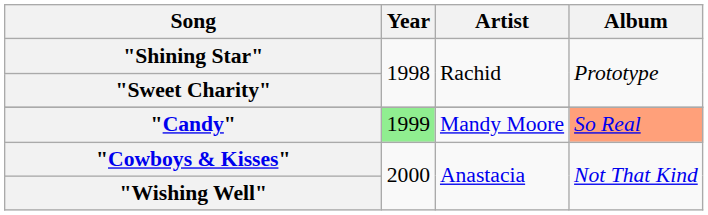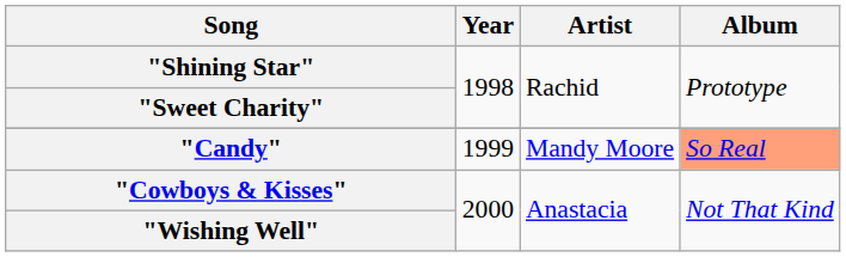 <table class="wikitable plainrowheaders">
 <tr>
 <th scope="col" style="width:17em;">Song</th>
 <th scope="col" style="width:1em;">Year</th>
 <th scope="col">Artist</th>
 <th scope="col">Album</th>
 </tr>
 <tr>
 <th scope="row">"Shining Star"</th>
 <td rowspan="2">1998</td>
 <td rowspan="2">Rachid</td>
 <td rowspan="2"><em>Prototype</em></td>
 </tr>
 <tr>
 <th scope="row">"Sweet Charity"</th>
 </tr>
 <tr>
 </tr>
 <tr>
 <th scope="row">"<a href='#'>Candy</a>"</th>
-<td style="background: lightgreen;">1999</td>
+<td>1999</td>
 <td><a href='#'>Mandy Moore</a></td>
 <td style="background: lightsalmon;"><em><a href='#'>So Real</a></em></td>
 </tr>
 <tr>
 <th scope="row">"<a href='#'>Cowboys & Kisses</a>"</th>
 <td rowspan="2">2000</td>
 <td rowspan="2"><a href='#'>Anastacia</a></td>
 <td rowspan="2"><em><a href='#'>Not That Kind</a></em></td>
 </tr>
 <tr>
 <th scope="row">"Wishing Well"</th>
 </tr>
 </table>
